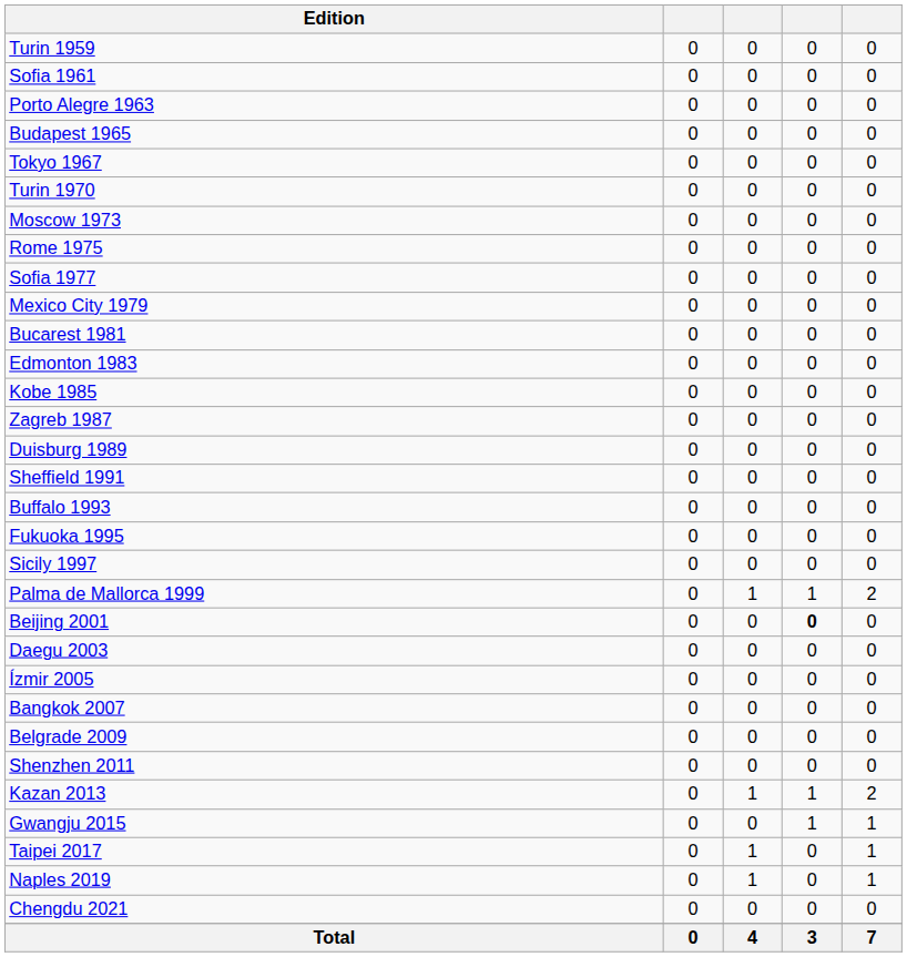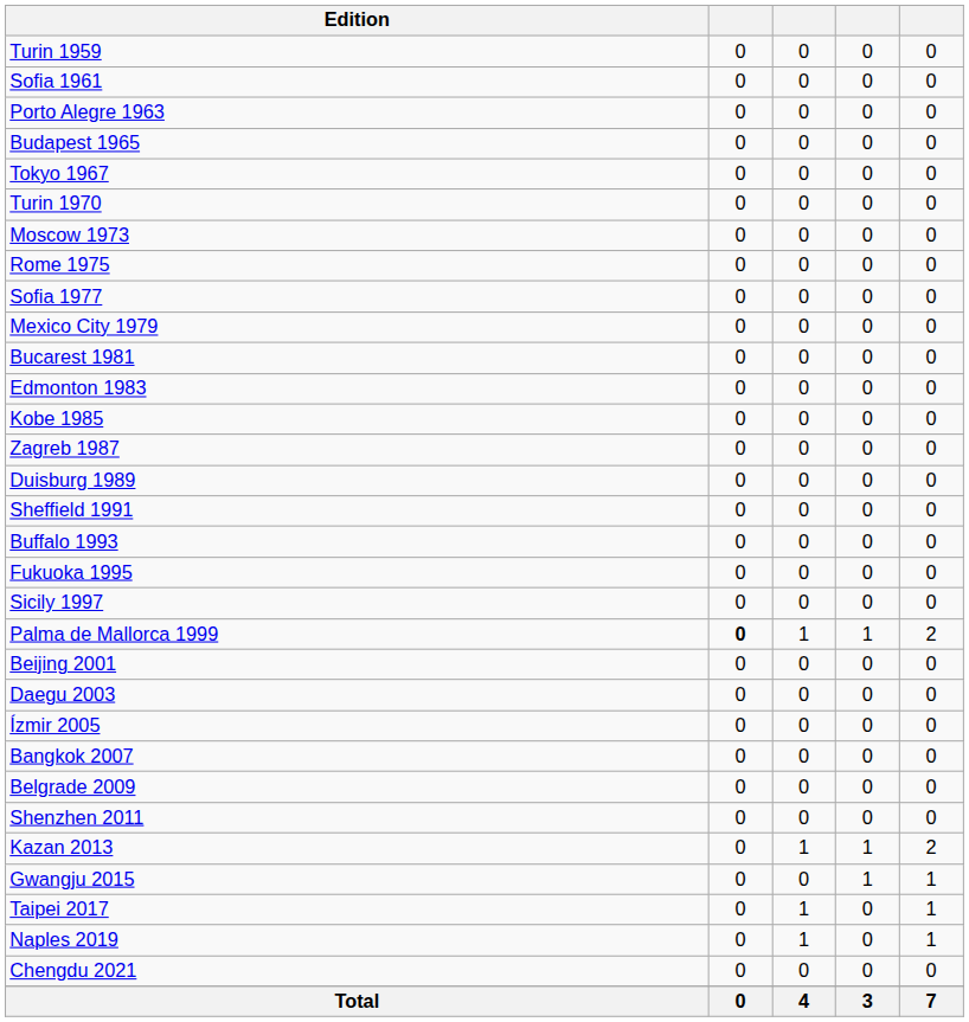 <table class="wikitable" width=40% style="font-size:100%; text-align:center;">
 <tr>
 <th>Edition</th>
 <th></th>
 <th></th>
 <th></th>
 <th></th>
 </tr>
 <tr>
 <td align=left> <a href='#'>Turin 1959</a></td>
 <td>0</td>
 <td>0</td>
 <td>0</td>
 <td>0</td>
 </tr>
 <tr>
 <td align=left> <a href='#'>Sofia 1961</a></td>
 <td>0</td>
 <td>0</td>
 <td>0</td>
 <td>0</td>
 </tr>
 <tr>
 <td align=left> <a href='#'>Porto Alegre 1963</a></td>
 <td>0</td>
 <td>0</td>
 <td>0</td>
 <td>0</td>
 </tr>
 <tr>
 <td align=left> <a href='#'>Budapest 1965</a></td>
 <td>0</td>
 <td>0</td>
 <td>0</td>
 <td>0</td>
 </tr>
 <tr>
 <td align=left> <a href='#'>Tokyo 1967</a></td>
 <td>0</td>
 <td>0</td>
 <td>0</td>
 <td>0</td>
 </tr>
 <tr>
 <td align=left> <a href='#'>Turin 1970</a></td>
 <td>0</td>
 <td>0</td>
 <td>0</td>
 <td>0</td>
 </tr>
 <tr>
 <td align=left> <a href='#'>Moscow 1973</a></td>
 <td>0</td>
 <td>0</td>
 <td>0</td>
 <td>0</td>
 </tr>
 <tr>
 <td align=left> <a href='#'>Rome 1975</a></td>
 <td>0</td>
 <td>0</td>
 <td>0</td>
 <td>0</td>
 </tr>
 <tr>
 <td align=left> <a href='#'>Sofia 1977</a></td>
 <td>0</td>
 <td>0</td>
 <td>0</td>
 <td>0</td>
 </tr>
 <tr>
 <td align=left> <a href='#'>Mexico City 1979</a></td>
 <td>0</td>
 <td>0</td>
 <td>0</td>
 <td>0</td>
 </tr>
 <tr>
 <td align=left> <a href='#'>Bucarest 1981</a></td>
 <td>0</td>
 <td>0</td>
 <td>0</td>
 <td>0</td>
 </tr>
 <tr>
 <td align=left> <a href='#'>Edmonton 1983</a></td>
 <td>0</td>
 <td>0</td>
 <td>0</td>
 <td>0</td>
 </tr>
 <tr>
 <td align=left> <a href='#'>Kobe 1985</a></td>
 <td>0</td>
 <td>0</td>
 <td>0</td>
 <td>0</td>
 </tr>
 <tr>
 <td align=left> <a href='#'>Zagreb 1987</a></td>
 <td>0</td>
 <td>0</td>
 <td>0</td>
 <td>0</td>
 </tr>
 <tr>
 <td align=left> <a href='#'>Duisburg 1989</a></td>
 <td>0</td>
 <td>0</td>
 <td>0</td>
 <td>0</td>
 </tr>
 <tr>
 <td align=left> <a href='#'>Sheffield 1991</a></td>
 <td>0</td>
 <td>0</td>
 <td>0</td>
 <td>0</td>
 </tr>
 <tr>
 <td align=left> <a href='#'>Buffalo 1993</a></td>
 <td>0</td>
 <td>0</td>
 <td>0</td>
 <td>0</td>
 </tr>
 <tr>
 <td align=left> <a href='#'>Fukuoka 1995</a></td>
 <td>0</td>
 <td>0</td>
 <td>0</td>
 <td>0</td>
 </tr>
 <tr>
 <td align=left> <a href='#'>Sicily 1997</a></td>
 <td>0</td>
 <td>0</td>
 <td>0</td>
 <td>0</td>
 </tr>
 <tr>
 <td align=left> <a href='#'>Palma de Mallorca 1999</a></td>
-<td>0</td>
+<td><strong>0</strong></td>
 <td>1</td>
 <td>1</td>
 <td>2</td>
 </tr>
 <tr>
 <td align=left> <a href='#'>Beijing 2001</a></td>
 <td>0</td>
 <td>0</td>
-<td><strong>0</strong></td>
+<td>0</td>
 <td>0</td>
 </tr>
 <tr>
 <td align=left> <a href='#'>Daegu 2003</a></td>
 <td>0</td>
 <td>0</td>
 <td>0</td>
 <td>0</td>
 </tr>
 <tr>
 <td align=left> <a href='#'>Ízmir 2005</a></td>
 <td>0</td>
 <td>0</td>
 <td>0</td>
 <td>0</td>
 </tr>
 <tr>
 <td align=left> <a href='#'>Bangkok 2007</a></td>
 <td>0</td>
 <td>0</td>
 <td>0</td>
 <td>0</td>
 </tr>
 <tr>
 <td align=left> <a href='#'>Belgrade 2009</a></td>
 <td>0</td>
 <td>0</td>
 <td>0</td>
 <td>0</td>
 </tr>
 <tr>
 <td align=left> <a href='#'>Shenzhen 2011</a></td>
 <td>0</td>
 <td>0</td>
 <td>0</td>
 <td>0</td>
 </tr>
 <tr>
 <td align=left> <a href='#'>Kazan 2013</a></td>
 <td>0</td>
 <td>1</td>
 <td>1</td>
 <td>2</td>
 </tr>
 <tr>
 <td align=left> <a href='#'>Gwangju 2015</a></td>
 <td>0</td>
 <td>0</td>
 <td>1</td>
 <td>1</td>
 </tr>
 <tr>
 <td align=left> <a href='#'>Taipei 2017</a></td>
 <td>0</td>
 <td>1</td>
 <td>0</td>
 <td>1</td>
 </tr>
 <tr>
 <td align=left> <a href='#'>Naples 2019</a></td>
 <td>0</td>
 <td>1</td>
 <td>0</td>
 <td>1</td>
 </tr>
 <tr>
 <td align=left> <a href='#'>Chengdu 2021</a></td>
 <td>0</td>
 <td>0</td>
 <td>0</td>
 <td>0</td>
 </tr>
 <tr>
 </tr>
 <tr>
 <th align-right>Total</th>
 <th>0</th>
 <th>4</th>
 <th>3</th>
 <th>7</th>
 </tr>
 </table>
